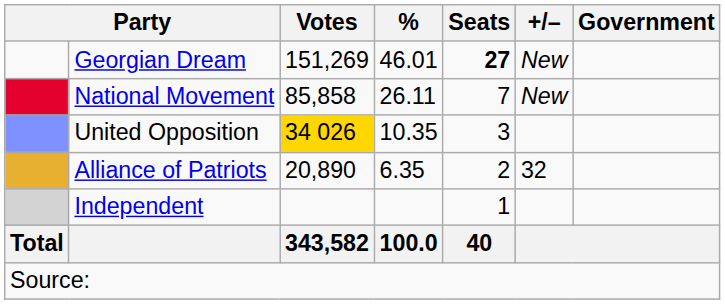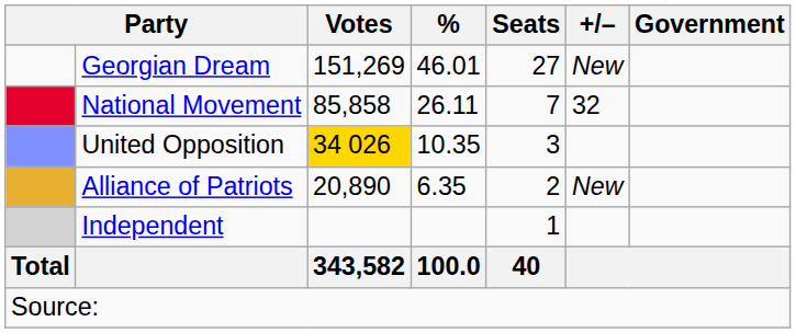 <table class="wikitable">
 <tr>
 <th colspan="2">Party</th>
 <th scope="col">Votes</th>
 <th scope="col">%</th>
 <th scope="col">Seats</th>
 <th scope="col">+/–</th>
 <th scope="col">Government</th>
 </tr>
 <tr>
 <td style="background:"></td>
 <td align=left><a href='#'>Georgian Dream</a></td>
 <td>151,269</td>
 <td>46.01</td>
-<td align=right><strong>27</strong></td>
+<td align=right>27</td>
 <td><em>New</em></td>
 <td></td>
 </tr>
 <tr>
 <td style="background:#e4012e"></td>
 <td align=left><a href='#'>National Movement</a></td>
 <td>85,858</td>
 <td>26.11</td>
 <td align=right>7</td>
-<td><em>New</em></td>
+<td> 32</td>
 <td></td>
 </tr>
 <tr>
 <td style="background:#7f91ff"></td>
 <td align=left>United Opposition</td>
 <td style="background: gold;">34 026</td>
 <td>10.35</td>
 <td align=right>3</td>
 <td></td>
 <td></td>
 </tr>
 <tr>
 <td style="background:#E7B031"></td>
 <td align=left><a href='#'>Alliance of Patriots</a></td>
 <td>20,890</td>
 <td>6.35</td>
 <td align=right>2</td>
-<td> 32</td>
+<td><em>New</em></td>
 <td></td>
 </tr>
 <tr>
 <td style="background:lightgray"></td>
 <td align=left><a href='#'>Independent</a></td>
 <td></td>
 <td></td>
 <td align=right>1</td>
 <td></td>
 <td></td>
 </tr>
 <tr>
 <th colspan=1>Total</th>
 <th></th>
 <th>343,582</th>
 <th>100.0</th>
 <th>40</th>
 <th colspan=3></th>
 </tr>
 <tr>
 <td colspan=8>Source: </td>
 </tr>
 </table>
